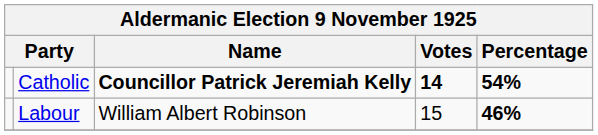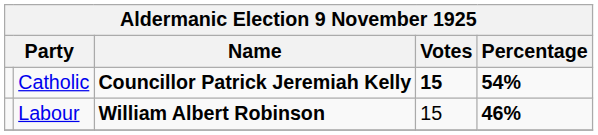 <table class="wikitable">
 <tr>
 <th colspan="5"><strong>Aldermanic Election 9 November 1925</strong></th>
 </tr>
 <tr>
 <th colspan="2">Party</th>
 <th>Name</th>
 <th>Votes</th>
 <th>Percentage</th>
 </tr>
 <tr>
 <td style="background-color:"></td>
 <td><a href='#'>Catholic</a></td>
 <td><strong>Councillor Patrick Jeremiah Kelly</strong></td>
-<td><strong>14</strong></td>
+<td><strong>15</strong></td>
 <td><strong>54%</strong></td>
 </tr>
 <tr>
 <td style="background-color:"></td>
 <td><a href='#'>Labour</a></td>
-<td>William Albert Robinson</td>
+<td><strong>William Albert Robinson</strong></td>
 <td>15</td>
 <td><strong>46%</strong></td>
 </tr>
 <tr>
 </tr>
 </table>
